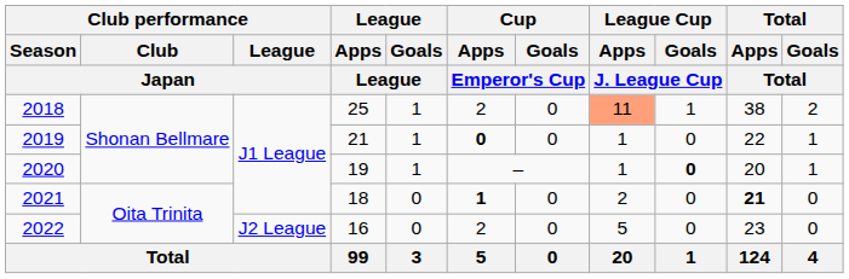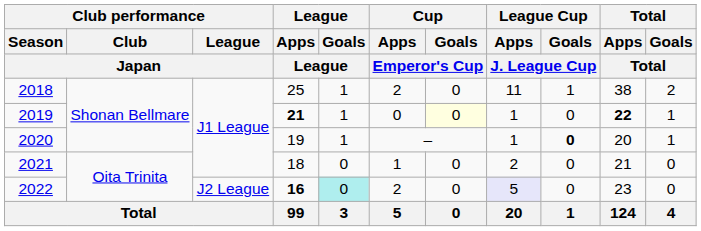 <table class="wikitable" style="text-align:center;">
 <tr>
 <th colspan=3>Club performance</th>
 <th colspan=2>League</th>
 <th colspan=2>Cup</th>
 <th colspan=2>League Cup</th>
 <th colspan=2>Total</th>
 </tr>
 <tr>
 <th>Season</th>
 <th>Club</th>
 <th>League</th>
 <th>Apps</th>
 <th>Goals</th>
 <th>Apps</th>
 <th>Goals</th>
 <th>Apps</th>
 <th>Goals</th>
 <th>Apps</th>
 <th>Goals</th>
 </tr>
 <tr>
 <th colspan=3>Japan</th>
 <th colspan=2>League</th>
 <th colspan=2><a href='#'>Emperor's Cup</a></th>
 <th colspan=2><a href='#'>J. League Cup</a></th>
 <th colspan=2>Total</th>
 </tr>
 <tr>
 <td><a href='#'>2018</a></td>
 <td rowspan="3"><a href='#'>Shonan Bellmare</a></td>
 <td rowspan="4"><a href='#'>J1 League</a></td>
 <td>25</td>
 <td>1</td>
 <td>2</td>
 <td>0</td>
-<td style="background: lightsalmon;">11</td>
+<td>11</td>
 <td>1</td>
 <td>38</td>
 <td>2</td>
 </tr>
 <tr>
 <td><a href='#'>2019</a></td>
-<td>21</td>
-<td>1</td>
-<td><strong>0</strong></td>
-<td>0</td>
+<td><strong>21</strong></td>
 <td>1</td>
 <td>0</td>
-<td>22</td>
+<td style="background: lightyellow;">0</td>
+<td>1</td>
+<td>0</td>
+<td><strong>22</strong></td>
 <td>1</td>
 </tr>
 <tr>
 <td><a href='#'>2020</a></td>
 <td>19</td>
 <td>1</td>
 <td colspan="2">–</td>
 <td>1</td>
 <td><strong>0</strong></td>
 <td>20</td>
 <td>1</td>
 </tr>
 <tr>
 <td><a href='#'>2021</a></td>
 <td rowspan="2"><a href='#'>Oita Trinita</a></td>
 <td>18</td>
 <td>0</td>
-<td><strong>1</strong></td>
+<td>1</td>
 <td>0</td>
 <td>2</td>
 <td>0</td>
-<td><strong>21</strong></td>
+<td>21</td>
 <td>0</td>
 </tr>
 <tr>
 <td><a href='#'>2022</a></td>
 <td><a href='#'>J2 League</a></td>
-<td>16</td>
-<td>0</td>
+<td><strong>16</strong></td>
+<td style="background: paleturquoise;">0</td>
 <td>2</td>
 <td>0</td>
-<td>5</td>
+<td style="background: lavender;">5</td>
 <td>0</td>
 <td>23</td>
 <td>0</td>
 </tr>
 <tr>
 <th colspan="3">Total</th>
 <th>99</th>
 <th>3</th>
 <th>5</th>
 <th>0</th>
 <th>20</th>
 <th>1</th>
 <th>124</th>
 <th>4</th>
 </tr>
 </table>
